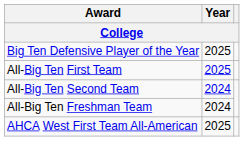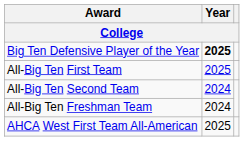 <table class="wikitable">
 <tr>
 <th>Award</th>
 <th>Year</th>
 <th></th>
 </tr>
 <tr>
 <th colspan="3"><a href='#'>College</a></th>
 </tr>
 <tr>
 <td><a href='#'>Big Ten Defensive Player of the Year</a></td>
-<td>2025</td>
+<td><strong>2025</strong></td>
 <td></td>
 </tr>
 <tr>
 <td>All-<a href='#'>Big Ten</a> <a href='#'>First Team</a></td>
 <td><a href='#'>2025</a></td>
 <td></td>
 </tr>
 <tr>
 <td>All-<a href='#'>Big Ten</a> <a href='#'>Second Team</a></td>
 <td><a href='#'>2024</a></td>
 <td rowspan="2"></td>
 </tr>
 <tr>
 <td>All-Big Ten <a href='#'>Freshman Team</a></td>
 <td>2024</td>
 </tr>
 <tr>
 <td><a href='#'>AHCA</a> <a href='#'>West First Team All-American</a></td>
 <td>2025</td>
 <td></td>
 </tr>
 </table>
